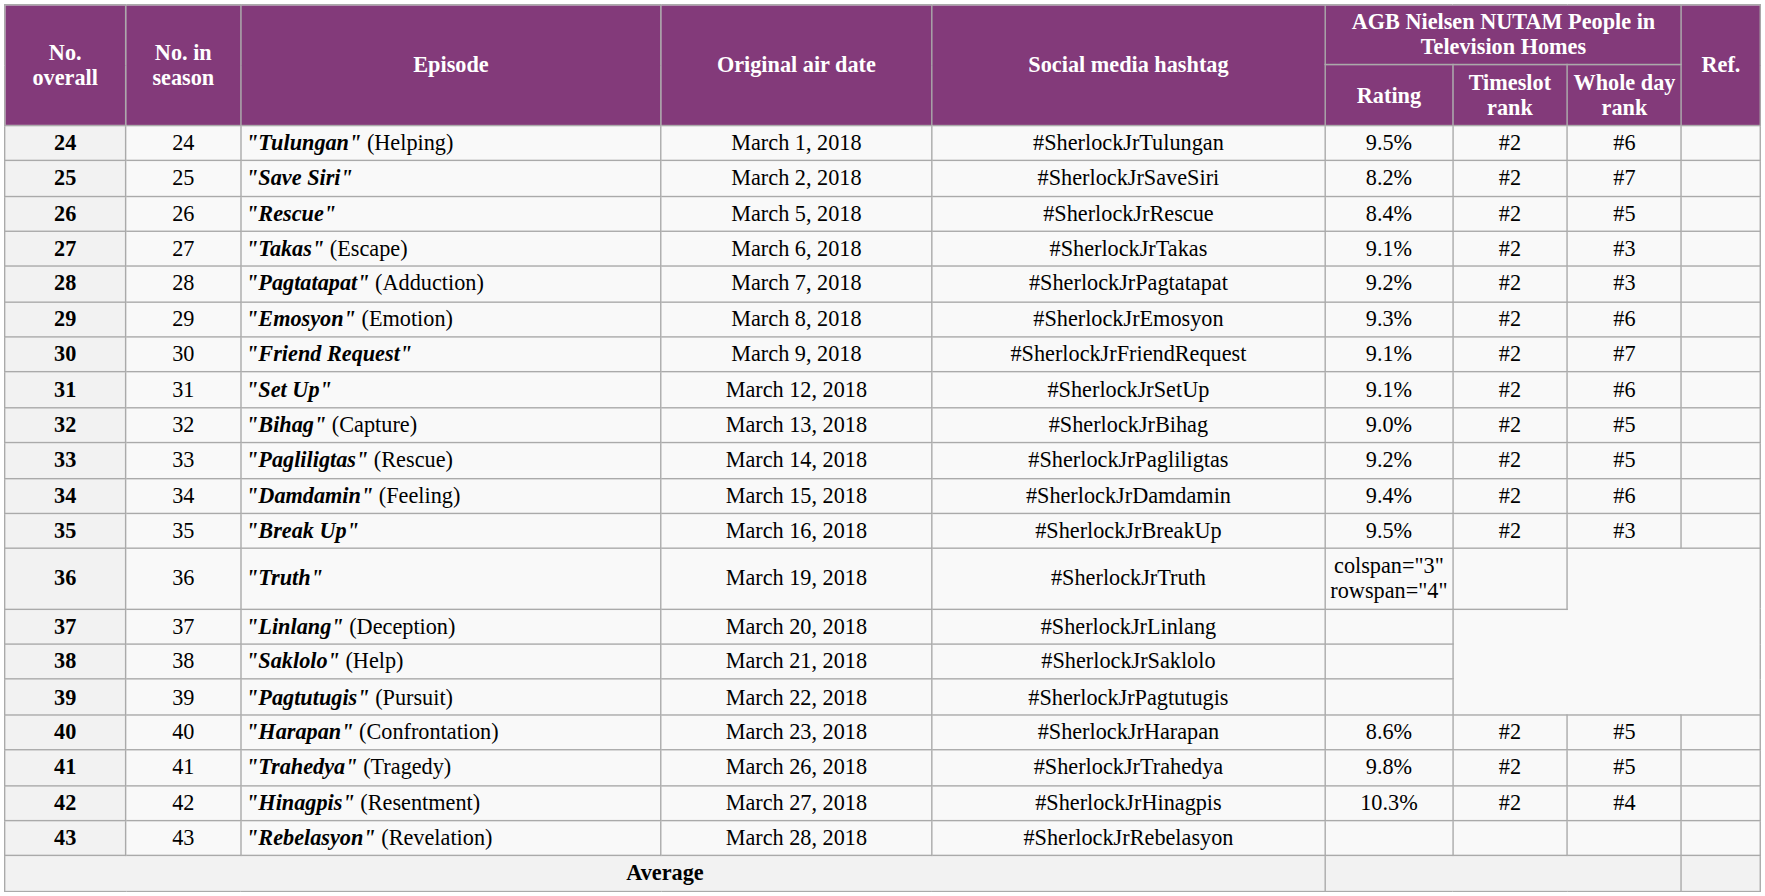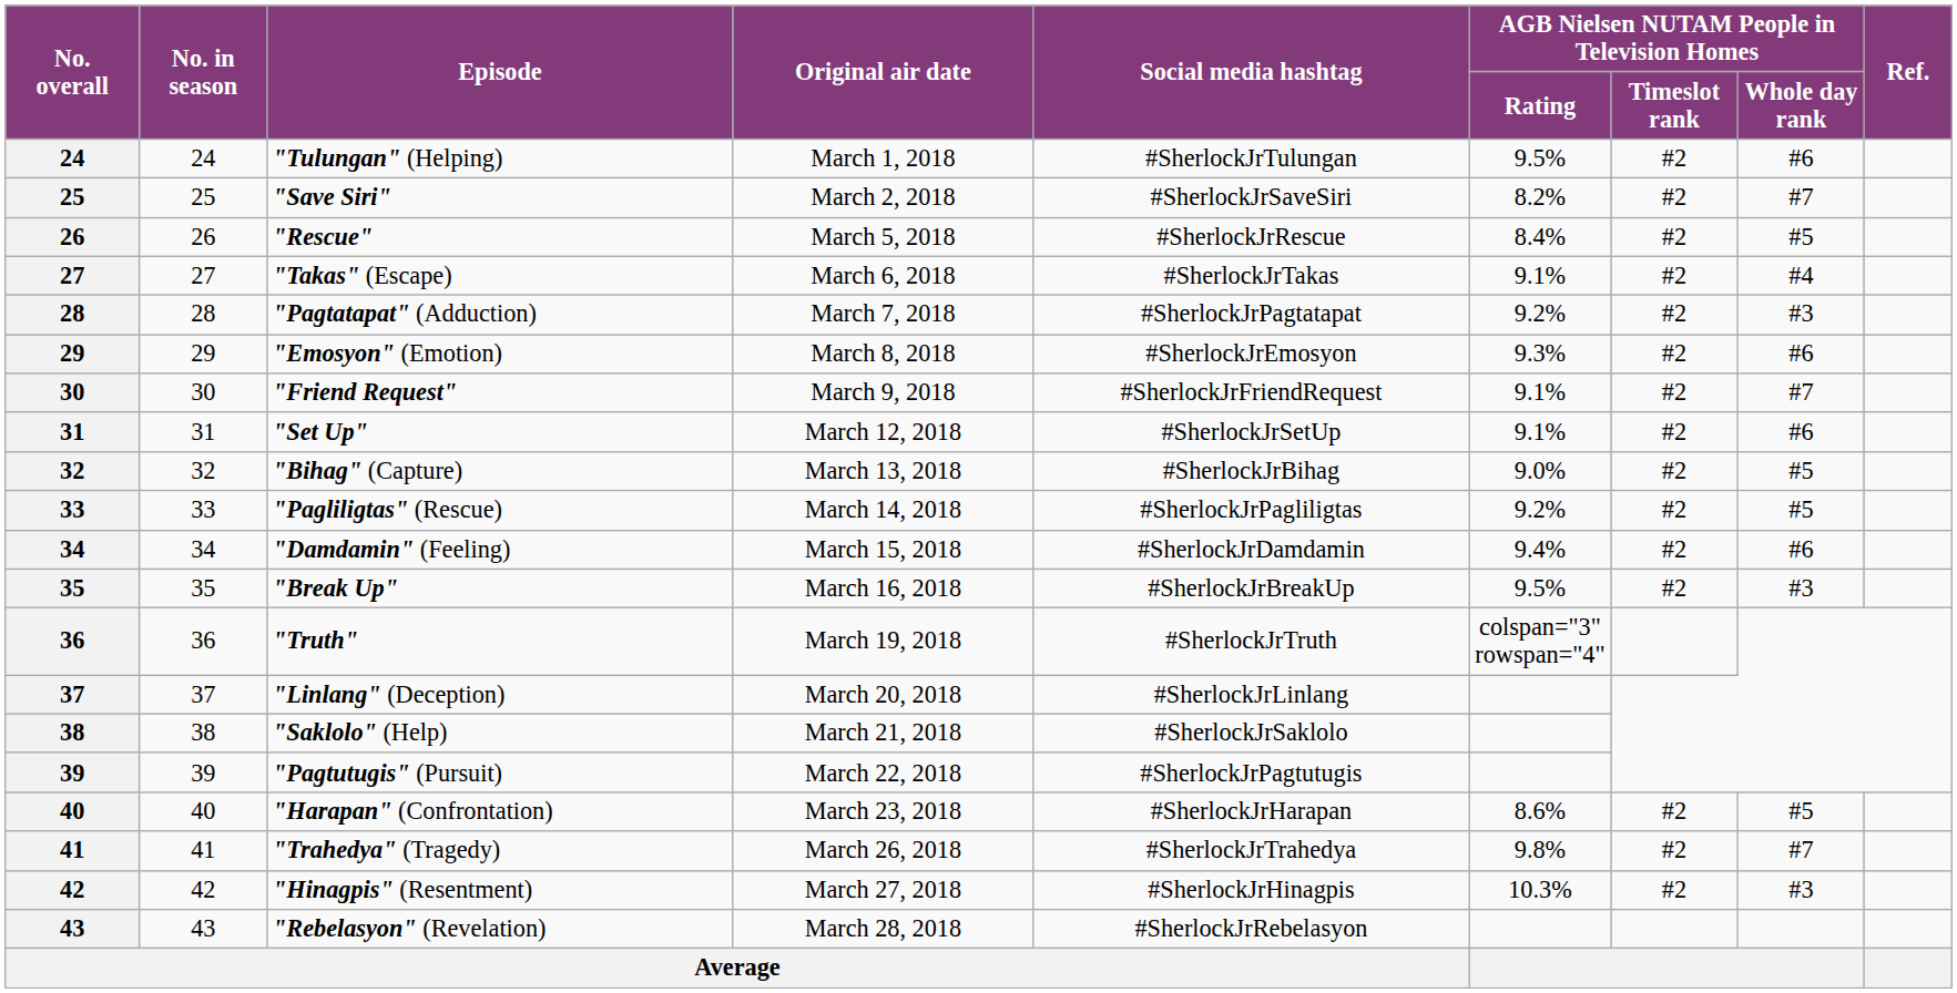 <table class="wikitable" style="text-align:center; font-size:100%; line-height:18px;" width="100%">
 <tr>
 <th style="background-color:#833A7A; color:#ffffff;" rowspan="2">No.<br>overall</th>
 <th style="background-color:#833A7A; color:#ffffff;" rowspan="2">No. in<br>season</th>
 <th style="background-color:#833A7A; color:#ffffff;" rowspan="2">Episode</th>
 <th style="background-color:#833A7A; color:white" rowspan="2">Original air date</th>
 <th style="background-color:#833A7A; color:white" rowspan="2">Social media hashtag</th>
 <th style="background-color:#833A7A; color:#ffffff;" colspan="3">AGB Nielsen NUTAM People in Television Homes</th>
 <th style="background-color:#833A7A; color:#ffffff;" rowspan="2">Ref.</th>
 </tr>
 <tr>
 <th style="background-color:#833A7A; width:75px; color:#ffffff;">Rating</th>
 <th style="background-color:#833A7A; width:75px; color:#ffffff;">Timeslot<br>rank</th>
 <th style="background-color:#833A7A; width:75px; color:#ffffff;">Whole day<br>rank</th>
 </tr>
 <tr>
 <th>24</th>
 <td>24</td>
 <td style="text-align: left;"><strong><em>"Tulungan"</em></strong> (Helping)</td>
 <td>March 1, 2018</td>
 <td>#SherlockJrTulungan</td>
 <td>9.5%</td>
 <td>#2</td>
 <td>#6</td>
 <td></td>
 </tr>
 <tr>
 <th>25</th>
 <td>25</td>
 <td style="text-align: left;"><strong><em>"Save Siri"</em></strong></td>
 <td>March 2, 2018</td>
 <td>#SherlockJrSaveSiri</td>
 <td>8.2%</td>
 <td>#2</td>
 <td>#7</td>
 <td></td>
 </tr>
 <tr>
 <th>26</th>
 <td>26</td>
 <td style="text-align: left;"><strong><em>"Rescue"</em></strong></td>
 <td>March 5, 2018</td>
 <td>#SherlockJrRescue</td>
 <td>8.4%</td>
 <td>#2</td>
 <td>#5</td>
 <td></td>
 </tr>
 <tr>
 <th>27</th>
 <td>27</td>
 <td style="text-align: left;"><strong><em>"Takas"</em></strong> (Escape)</td>
 <td>March 6, 2018</td>
 <td>#SherlockJrTakas</td>
 <td>9.1%</td>
 <td>#2</td>
-<td>#3</td>
+<td>#4</td>
 <td></td>
 </tr>
 <tr>
 <th>28</th>
 <td>28</td>
 <td style="text-align: left;"><strong><em>"Pagtatapat"</em></strong> (Adduction)</td>
 <td>March 7, 2018</td>
 <td>#SherlockJrPagtatapat</td>
 <td>9.2%</td>
 <td>#2</td>
 <td>#3</td>
 <td></td>
 </tr>
 <tr>
 <th>29</th>
 <td>29</td>
 <td style="text-align: left;"><strong><em>"Emosyon"</em></strong> (Emotion)</td>
 <td>March 8, 2018</td>
 <td>#SherlockJrEmosyon</td>
 <td>9.3%</td>
 <td>#2</td>
 <td>#6</td>
 <td></td>
 </tr>
 <tr>
 <th>30</th>
 <td>30</td>
 <td style="text-align: left;"><strong><em>"Friend Request"</em></strong></td>
 <td>March 9, 2018</td>
 <td>#SherlockJrFriendRequest</td>
 <td>9.1%</td>
 <td>#2</td>
 <td>#7</td>
 <td></td>
 </tr>
 <tr>
 <th>31</th>
 <td>31</td>
 <td style="text-align: left;"><strong><em>"Set Up"</em></strong></td>
 <td>March 12, 2018</td>
 <td>#SherlockJrSetUp</td>
 <td>9.1%</td>
 <td>#2</td>
 <td>#6</td>
 <td></td>
 </tr>
 <tr>
 <th>32</th>
 <td>32</td>
 <td style="text-align: left;"><strong><em>"Bihag"</em></strong> (Capture)</td>
 <td>March 13, 2018</td>
 <td>#SherlockJrBihag</td>
 <td>9.0%</td>
 <td>#2</td>
 <td>#5</td>
 <td></td>
 </tr>
 <tr>
 <th>33</th>
 <td>33</td>
 <td style="text-align: left;"><strong><em>"Pagliligtas"</em></strong> (Rescue)</td>
 <td>March 14, 2018</td>
 <td>#SherlockJrPagliligtas</td>
 <td>9.2%</td>
 <td>#2</td>
 <td>#5</td>
 <td></td>
 </tr>
 <tr>
 <th>34</th>
 <td>34</td>
 <td style="text-align: left;"><strong><em>"Damdamin"</em></strong> (Feeling)</td>
 <td>March 15, 2018</td>
 <td>#SherlockJrDamdamin</td>
 <td>9.4%</td>
 <td>#2</td>
 <td>#6</td>
 <td></td>
 </tr>
 <tr>
 <th>35</th>
 <td>35</td>
 <td style="text-align: left;"><strong><em>"Break Up"</em></strong></td>
 <td>March 16, 2018</td>
 <td>#SherlockJrBreakUp</td>
 <td>9.5%</td>
 <td>#2</td>
 <td>#3</td>
 <td></td>
 </tr>
 <tr>
 <th>36</th>
 <td>36</td>
 <td style="text-align: left;"><strong><em>"Truth"</em></strong></td>
 <td>March 19, 2018</td>
 <td>#SherlockJrTruth</td>
 <td>colspan="3"  rowspan="4" </td>
 <td></td>
 </tr>
 <tr>
 <th>37</th>
 <td>37</td>
 <td style="text-align: left;"><strong><em>"Linlang"</em></strong> (Deception)</td>
 <td>March 20, 2018</td>
 <td>#SherlockJrLinlang</td>
 <td></td>
 </tr>
 <tr>
 <th>38</th>
 <td>38</td>
 <td style="text-align: left;"><strong><em>"Saklolo"</em></strong> (Help)</td>
 <td>March 21, 2018</td>
 <td>#SherlockJrSaklolo</td>
 <td></td>
 </tr>
 <tr>
 <th>39</th>
 <td>39</td>
 <td style="text-align: left;"><strong><em>"Pagtutugis"</em></strong> (Pursuit)</td>
 <td>March 22, 2018</td>
 <td>#SherlockJrPagtutugis</td>
 <td></td>
 </tr>
 <tr>
 <th>40</th>
 <td>40</td>
 <td style="text-align: left;"><strong><em>"Harapan"</em></strong> (Confrontation)</td>
 <td>March 23, 2018</td>
 <td>#SherlockJrHarapan</td>
 <td>8.6%</td>
 <td>#2</td>
 <td>#5</td>
 <td></td>
 </tr>
 <tr>
 <th>41</th>
 <td>41</td>
 <td style="text-align: left;"><strong><em>"Trahedya"</em></strong> (Tragedy)</td>
 <td>March 26, 2018</td>
 <td>#SherlockJrTrahedya</td>
 <td>9.8%</td>
 <td>#2</td>
-<td>#5</td>
+<td>#7</td>
 <td></td>
 </tr>
 <tr>
 <th>42</th>
 <td>42</td>
 <td style="text-align: left;"><strong><em>"Hinagpis"</em></strong> (Resentment)</td>
 <td>March 27, 2018</td>
 <td>#SherlockJrHinagpis</td>
 <td>10.3%</td>
 <td>#2</td>
-<td>#4</td>
+<td>#3</td>
 <td></td>
 </tr>
 <tr>
 <th>43</th>
 <td>43</td>
 <td style="text-align: left;"><strong><em>"Rebelasyon"</em></strong> (Revelation)</td>
 <td>March 28, 2018</td>
 <td>#SherlockJrRebelasyon</td>
 <td></td>
 <td></td>
 <td></td>
 <td></td>
 </tr>
 <tr>
 <th colspan="5">Average</th>
 <th colspan="3"></th>
 <th></th>
 </tr>
 </table>
